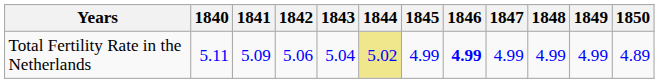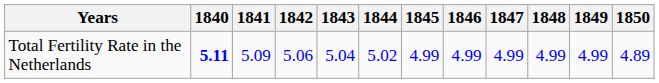 <table class="wikitable " style="text-align:right">
 <tr>
 <th>Years</th>
 <th>1840</th>
 <th>1841</th>
 <th>1842</th>
 <th>1843</th>
 <th>1844</th>
 <th>1845</th>
 <th>1846</th>
 <th>1847</th>
 <th>1848</th>
 <th>1849</th>
 <th>1850</th>
 </tr>
 <tr>
 <td align="left">Total Fertility Rate in the Netherlands</td>
-<td style="text-align:right; color:blue;">5.11</td>
+<td style="text-align:right; color:blue;"><strong>5.11</strong></td>
 <td style="text-align:right; color:blue;">5.09</td>
 <td style="text-align:right; color:blue;">5.06</td>
 <td style="text-align:right; color:blue;">5.04</td>
-<td style="background: khaki; text-align:right; color:blue;">5.02</td>
+<td style="text-align:right; color:blue;">5.02</td>
 <td style="text-align:right; color:blue;">4.99</td>
-<td style="text-align:right; color:blue;"><strong>4.99</strong></td>
+<td style="text-align:right; color:blue;">4.99</td>
 <td style="text-align:right; color:blue;">4.99</td>
 <td style="text-align:right; color:blue;">4.99</td>
 <td style="text-align:right; color:blue;">4.99</td>
 <td style="text-align:right; color:blue;">4.89</td>
 </tr>
 </table>
